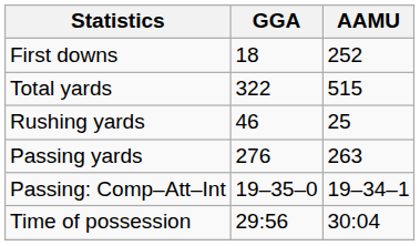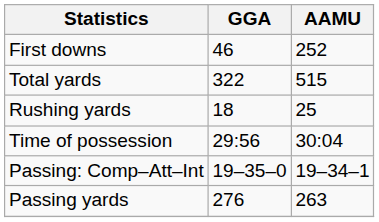 <table class="wikitable" style="float: left;">
 <tr>
 <th>Statistics</th>
 <th>GGA</th>
 <th>AAMU</th>
 </tr>
 <tr>
 <td>First downs</td>
-<td>18</td>
+<td>46</td>
 <td>252</td>
 </tr>
 <tr>
 <td>Total yards</td>
 <td>322</td>
 <td>515</td>
 </tr>
 <tr>
 <td>Rushing yards</td>
-<td>46</td>
+<td>18</td>
 <td>25</td>
+</tr>
+<tr>
+<td>Time of possession</td>
+<td>29:56</td>
+<td>30:04</td>
+</tr>
+<tr>
+<td>Passing: Comp–Att–Int</td>
+<td>19–35–0</td>
+<td>19–34–1</td>
 </tr>
 <tr>
 <td>Passing yards</td>
 <td>276</td>
 <td>263</td>
 </tr>
 <tr>
-<td>Passing: Comp–Att–Int</td>
-<td>19–35–0</td>
-<td>19–34–1</td>
-</tr>
-<tr>
-<td>Time of possession</td>
-<td>29:56</td>
-<td>30:04</td>
-</tr>
-<tr>
 </tr>
 </table>
